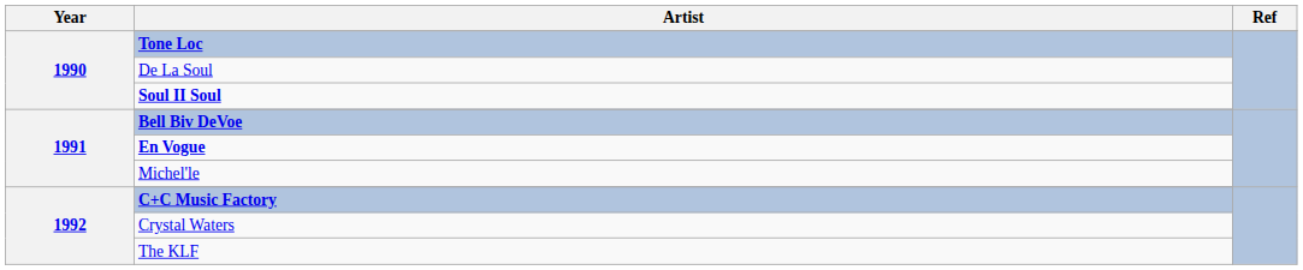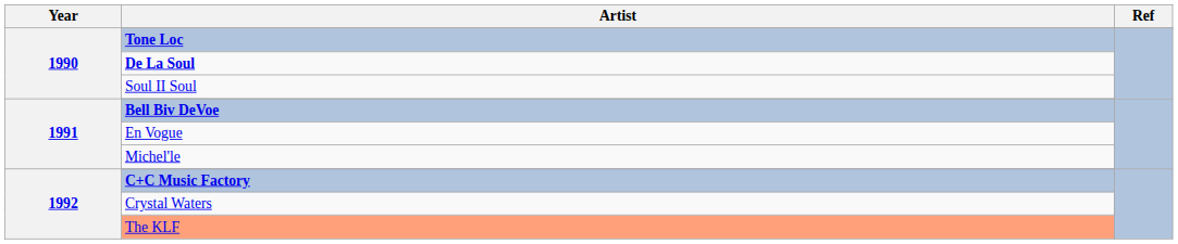 <table class="wikitable" width="100%">
 <tr>
 <th width="10%">Year</th>
 <th width="85%">Artist</th>
 <th width="5%">Ref</th>
 </tr>
 <tr>
 <th rowspan="4" align="center"><a href='#'>1990<br></a></th>
 </tr>
 <tr style="background:#B0C4DE">
 <td><strong><a href='#'>Tone Loc</a></strong></td>
 <td rowspan="4" align="center"></td>
 </tr>
 <tr>
-<td><a href='#'>De La Soul</a></td>
+<td><strong><a href='#'>De La Soul</a></strong></td>
 </tr>
 <tr>
-<td><strong><a href='#'>Soul II Soul</a></strong></td>
+<td><a href='#'>Soul II Soul</a></td>
 </tr>
 <tr>
 <th rowspan="4" align="center"><a href='#'>1991<br></a></th>
 </tr>
 <tr style="background:#B0C4DE">
 <td><strong><a href='#'>Bell Biv DeVoe</a></strong></td>
 <td rowspan="4" align="center"></td>
 </tr>
 <tr>
-<td><strong><a href='#'>En Vogue</a></strong></td>
+<td><a href='#'>En Vogue</a></td>
 </tr>
 <tr>
 <td><a href='#'>Michel'le</a></td>
 </tr>
 <tr>
 <th rowspan="4" align="center"><a href='#'>1992<br></a></th>
 </tr>
 <tr style="background:#B0C4DE">
 <td><strong><a href='#'>C+C Music Factory</a></strong></td>
 <td rowspan="4" align="center"></td>
 </tr>
 <tr>
 <td><a href='#'>Crystal Waters</a></td>
 </tr>
 <tr>
-<td><a href='#'>The KLF</a></td>
+<td style="background: lightsalmon;"><a href='#'>The KLF</a></td>
 </tr>
 </table>
